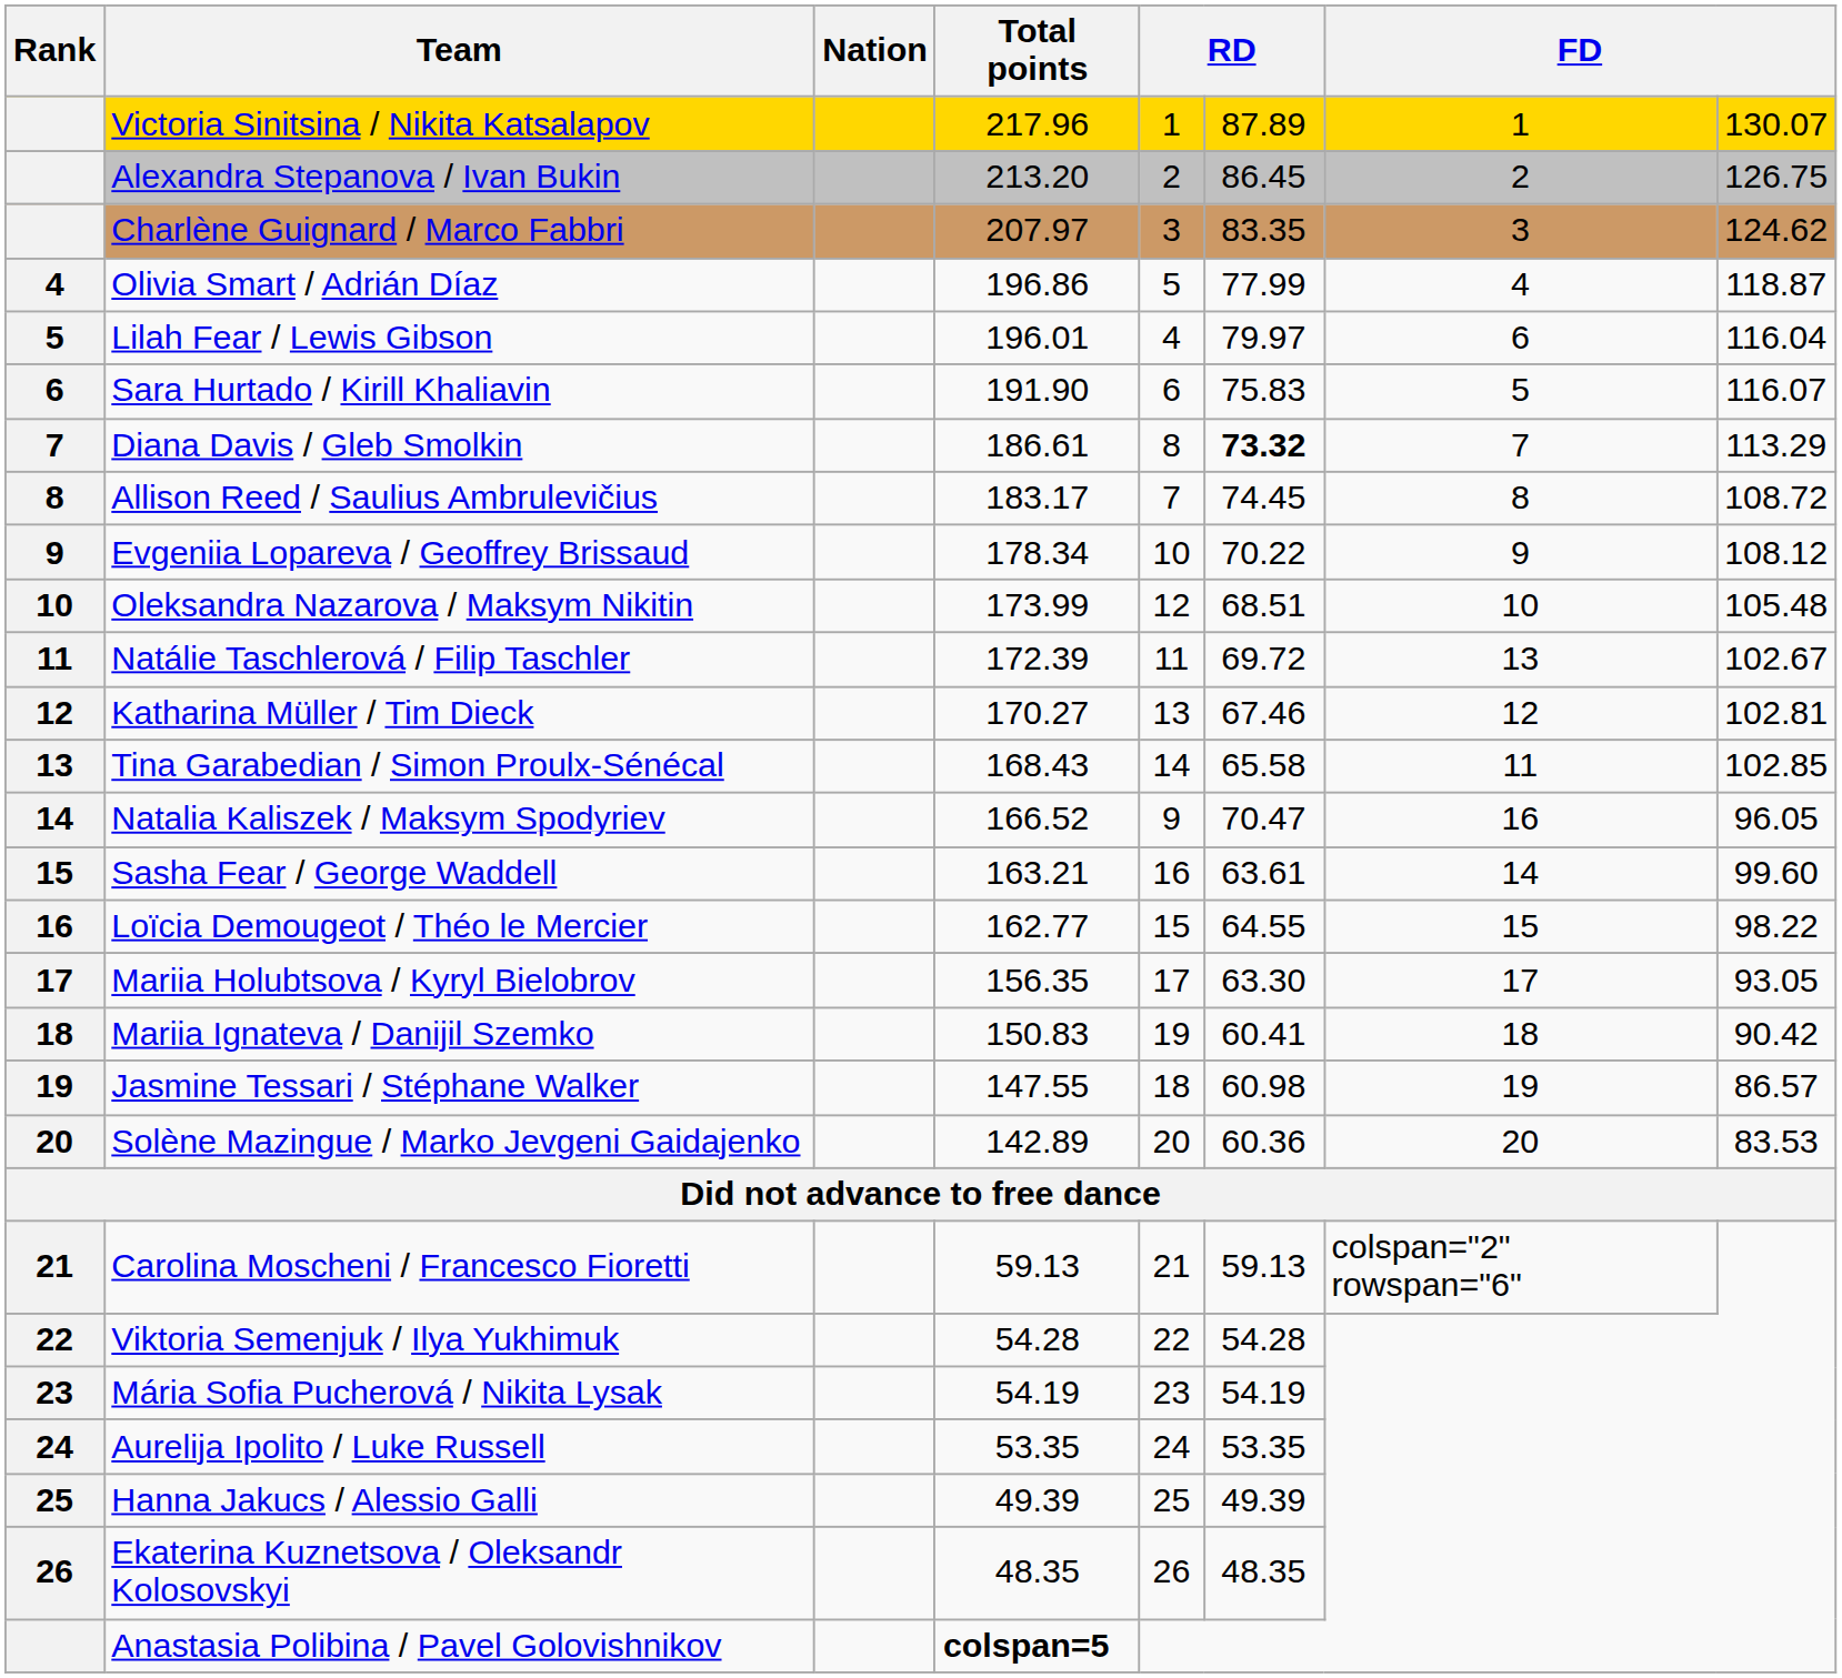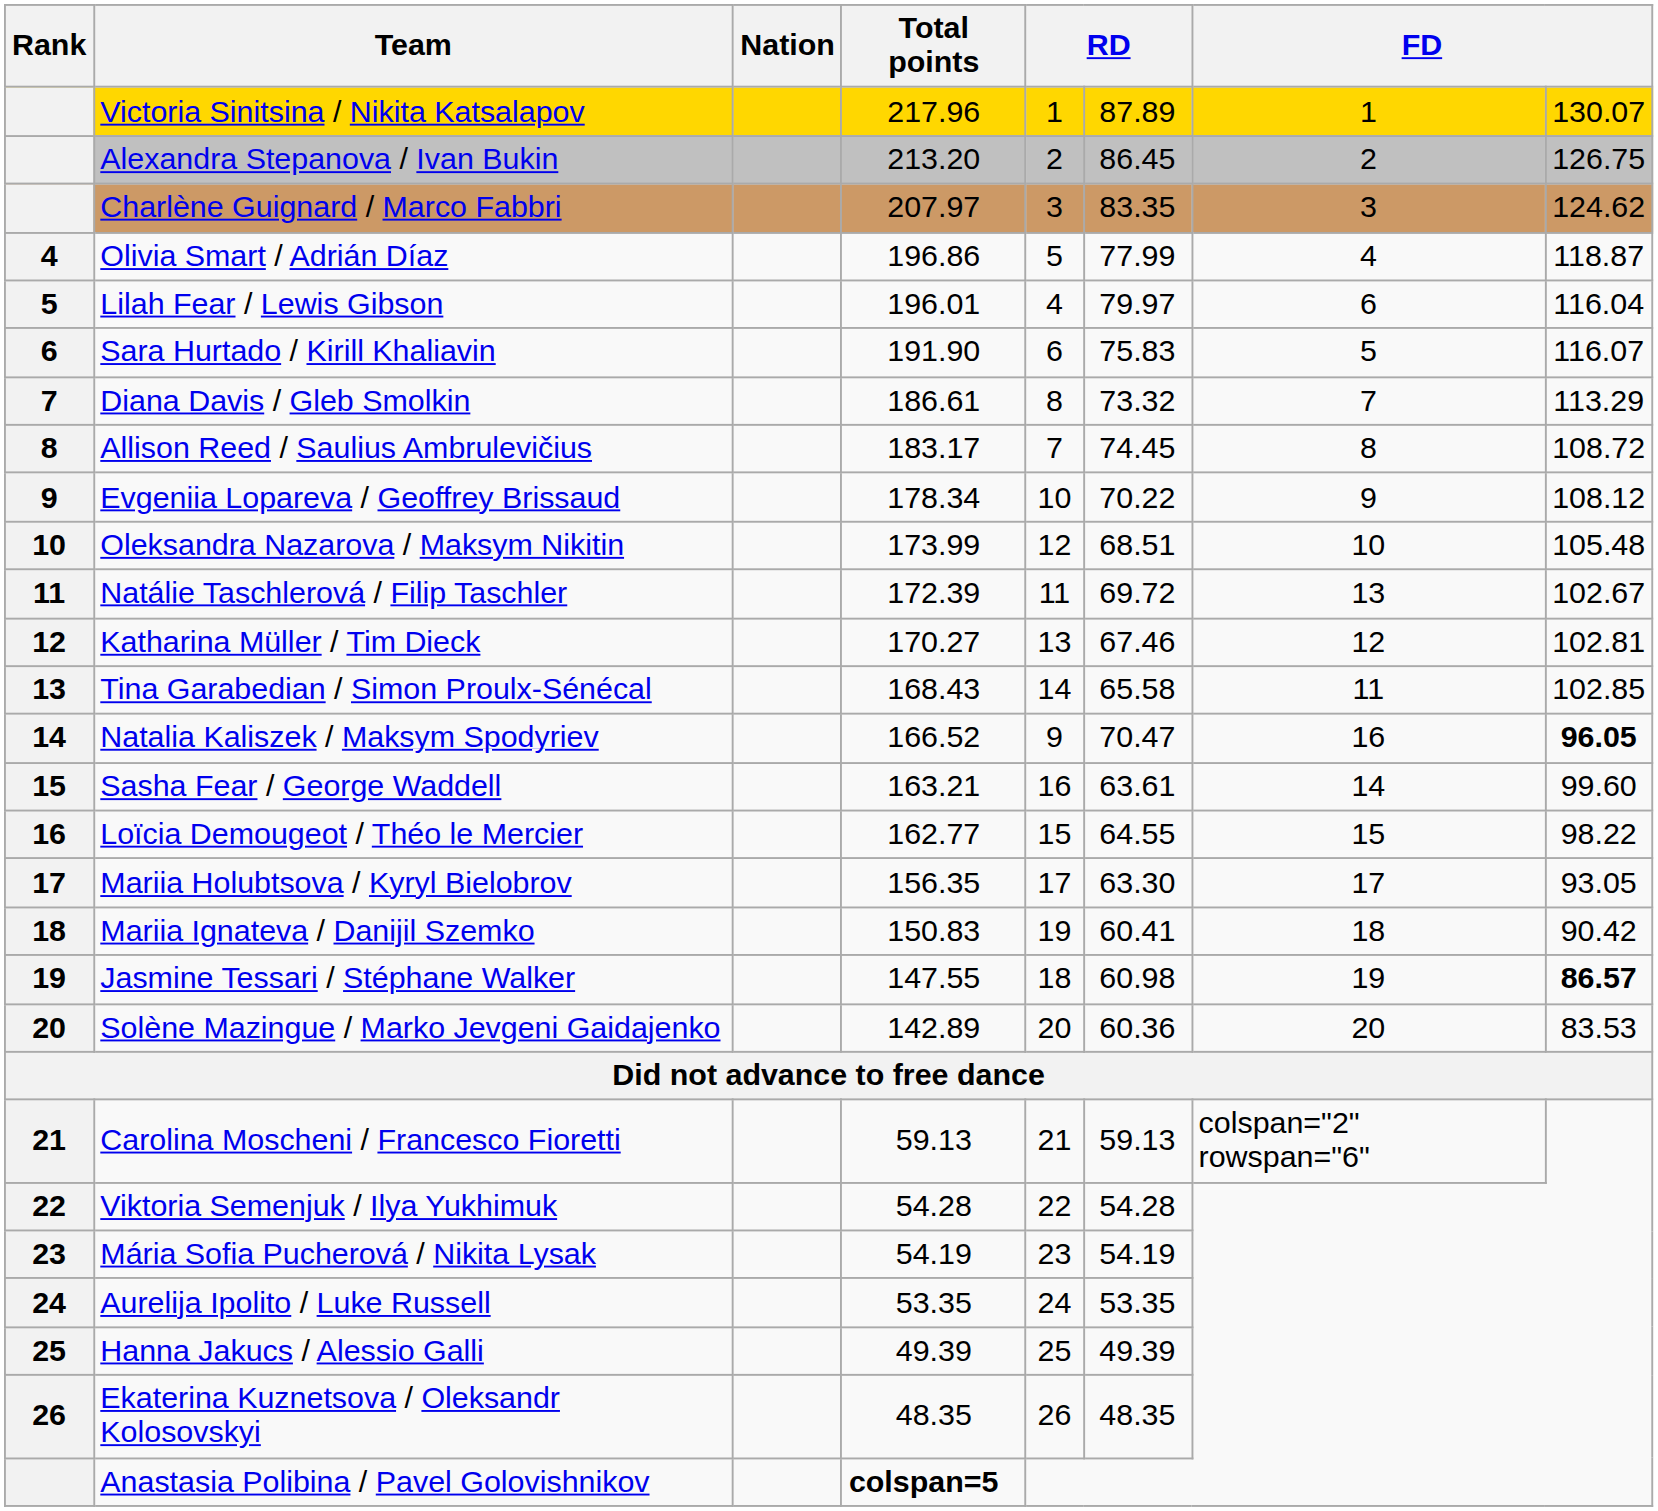 <table class="wikitable sortable" style="text-align:left">
 <tr>
 <th scope="col">Rank</th>
 <th scope="col">Team</th>
 <th scope="col">Nation</th>
 <th scope="col">Total points</th>
 <th scope="col" colspan="2" width="80px"><a href='#'>RD</a></th>
 <th scope="col" colspan="2" width="80px"><a href='#'>FD</a></th>
 </tr>
 <tr bgcolor="gold">
 <th scope="row"></th>
 <td><a href='#'>Victoria Sinitsina</a> / <a href='#'>Nikita Katsalapov</a></td>
 <td></td>
 <td align="center">217.96</td>
 <td align="center">1</td>
 <td align="center">87.89</td>
 <td align="center">1</td>
 <td align="center">130.07</td>
 </tr>
 <tr bgcolor="silver">
 <th scope="row"></th>
 <td><a href='#'>Alexandra Stepanova</a> / <a href='#'>Ivan Bukin</a></td>
 <td></td>
 <td align="center">213.20</td>
 <td align="center">2</td>
 <td align="center">86.45</td>
 <td align="center">2</td>
 <td align="center">126.75</td>
 </tr>
 <tr bgcolor="#cc9966">
 <th scope="row"></th>
 <td><a href='#'>Charlène Guignard</a> / <a href='#'>Marco Fabbri</a></td>
 <td></td>
 <td align="center">207.97</td>
 <td align="center">3</td>
 <td align="center">83.35</td>
 <td align="center">3</td>
 <td align="center">124.62</td>
 </tr>
 <tr>
 <th scope="row">4</th>
 <td><a href='#'>Olivia Smart</a> / <a href='#'>Adrián Díaz</a></td>
 <td></td>
 <td align="center">196.86</td>
 <td align="center">5</td>
 <td align="center">77.99</td>
 <td align="center">4</td>
 <td align="center">118.87</td>
 </tr>
 <tr>
 <th scope="row">5</th>
 <td><a href='#'>Lilah Fear</a> / <a href='#'>Lewis Gibson</a></td>
 <td></td>
 <td align="center">196.01</td>
 <td align="center">4</td>
 <td align="center">79.97</td>
 <td align="center">6</td>
 <td align="center">116.04</td>
 </tr>
 <tr>
 <th scope="row">6</th>
 <td><a href='#'>Sara Hurtado</a> / <a href='#'>Kirill Khaliavin</a></td>
 <td></td>
 <td align="center">191.90</td>
 <td align="center">6</td>
 <td align="center">75.83</td>
 <td align="center">5</td>
 <td align="center">116.07</td>
 </tr>
 <tr>
 <th scope="row">7</th>
 <td><a href='#'>Diana Davis</a> / <a href='#'>Gleb Smolkin</a></td>
 <td></td>
 <td align="center">186.61</td>
 <td align="center">8</td>
-<td align="center"><strong>73.32</strong></td>
+<td align="center">73.32</td>
 <td align="center">7</td>
 <td align="center">113.29</td>
 </tr>
 <tr>
 <th scope="row">8</th>
 <td><a href='#'>Allison Reed</a> / <a href='#'>Saulius Ambrulevičius</a></td>
 <td></td>
 <td align="center">183.17</td>
 <td align="center">7</td>
 <td align="center">74.45</td>
 <td align="center">8</td>
 <td align="center">108.72</td>
 </tr>
 <tr>
 <th scope="row">9</th>
 <td><a href='#'>Evgeniia Lopareva</a> / <a href='#'>Geoffrey Brissaud</a></td>
 <td></td>
 <td align="center">178.34</td>
 <td align="center">10</td>
 <td align="center">70.22</td>
 <td align="center">9</td>
 <td align="center">108.12</td>
 </tr>
 <tr>
 <th scope="row">10</th>
 <td><a href='#'>Oleksandra Nazarova</a> / <a href='#'>Maksym Nikitin</a></td>
 <td></td>
 <td align="center">173.99</td>
 <td align="center">12</td>
 <td align="center">68.51</td>
 <td align="center">10</td>
 <td align="center">105.48</td>
 </tr>
 <tr>
 <th scope="row">11</th>
 <td><a href='#'>Natálie Taschlerová</a> / <a href='#'>Filip Taschler</a></td>
 <td></td>
 <td align="center">172.39</td>
 <td align="center">11</td>
 <td align="center">69.72</td>
 <td align="center">13</td>
 <td align="center">102.67</td>
 </tr>
 <tr>
 <th scope="row">12</th>
 <td><a href='#'>Katharina Müller</a> / <a href='#'>Tim Dieck</a></td>
 <td></td>
 <td align="center">170.27</td>
 <td align="center">13</td>
 <td align="center">67.46</td>
 <td align="center">12</td>
 <td align="center">102.81</td>
 </tr>
 <tr>
 <th scope="row">13</th>
 <td><a href='#'>Tina Garabedian</a> / <a href='#'>Simon Proulx-Sénécal</a></td>
 <td></td>
 <td align="center">168.43</td>
 <td align="center">14</td>
 <td align="center">65.58</td>
 <td align="center">11</td>
 <td align="center">102.85</td>
 </tr>
 <tr>
 <th scope="row">14</th>
 <td><a href='#'>Natalia Kaliszek</a> / <a href='#'>Maksym Spodyriev</a></td>
 <td></td>
 <td align="center">166.52</td>
 <td align="center">9</td>
 <td align="center">70.47</td>
 <td align="center">16</td>
-<td align="center">96.05</td>
+<td align="center"><strong>96.05</strong></td>
 </tr>
 <tr>
 <th scope="row">15</th>
 <td><a href='#'>Sasha Fear</a> / <a href='#'>George Waddell</a></td>
 <td></td>
 <td align="center">163.21</td>
 <td align="center">16</td>
 <td align="center">63.61</td>
 <td align="center">14</td>
 <td align="center">99.60</td>
 </tr>
 <tr>
 <th scope="row">16</th>
 <td><a href='#'>Loïcia Demougeot</a> / <a href='#'>Théo le Mercier</a></td>
 <td></td>
 <td align="center">162.77</td>
 <td align="center">15</td>
 <td align="center">64.55</td>
 <td align="center">15</td>
 <td align="center">98.22</td>
 </tr>
 <tr>
 <th scope="row">17</th>
 <td><a href='#'>Mariia Holubtsova</a> / <a href='#'>Kyryl Bielobrov</a></td>
 <td></td>
 <td align="center">156.35</td>
 <td align="center">17</td>
 <td align="center">63.30</td>
 <td align="center">17</td>
 <td align="center">93.05</td>
 </tr>
 <tr>
 <th scope="row">18</th>
 <td><a href='#'>Mariia Ignateva</a> / <a href='#'>Danijil Szemko</a></td>
 <td></td>
 <td align="center">150.83</td>
 <td align="center">19</td>
 <td align="center">60.41</td>
 <td align="center">18</td>
 <td align="center">90.42</td>
 </tr>
 <tr>
 <th scope="row">19</th>
 <td><a href='#'>Jasmine Tessari</a> / <a href='#'>Stéphane Walker</a></td>
 <td></td>
 <td align="center">147.55</td>
 <td align="center">18</td>
 <td align="center">60.98</td>
 <td align="center">19</td>
-<td align="center">86.57</td>
+<td align="center"><strong>86.57</strong></td>
 </tr>
 <tr>
 <th scope="row">20</th>
 <td><a href='#'>Solène Mazingue</a> / <a href='#'>Marko Jevgeni Gaidajenko</a></td>
 <td></td>
 <td align="center">142.89</td>
 <td align="center">20</td>
 <td align="center">60.36</td>
 <td align="center">20</td>
 <td align="center">83.53</td>
 </tr>
 <tr>
 <th colspan=8>Did not advance to free dance</th>
 </tr>
 <tr>
 <th scope="row">21</th>
 <td><a href='#'>Carolina Moscheni</a> / <a href='#'>Francesco Fioretti</a></td>
 <td></td>
 <td align="center">59.13</td>
 <td align="center">21</td>
 <td align="center">59.13</td>
 <td>colspan="2" rowspan="6" </td>
 </tr>
 <tr>
 <th scope="row">22</th>
 <td><a href='#'>Viktoria Semenjuk</a> / <a href='#'>Ilya Yukhimuk</a></td>
 <td></td>
 <td align="center">54.28</td>
 <td align="center">22</td>
 <td align="center">54.28</td>
 </tr>
 <tr>
 <th scope="row">23</th>
 <td><a href='#'>Mária Sofia Pucherová</a> / <a href='#'>Nikita Lysak</a></td>
 <td></td>
 <td align="center">54.19</td>
 <td align="center">23</td>
 <td align="center">54.19</td>
 </tr>
 <tr>
 <th scope="row">24</th>
 <td><a href='#'>Aurelija Ipolito</a> / <a href='#'>Luke Russell</a></td>
 <td></td>
 <td align="center">53.35</td>
 <td align="center">24</td>
 <td align="center">53.35</td>
 </tr>
 <tr>
 <th scope="row">25</th>
 <td><a href='#'>Hanna Jakucs</a> / <a href='#'>Alessio Galli</a></td>
 <td></td>
 <td align="center">49.39</td>
 <td align="center">25</td>
 <td align="center">49.39</td>
 </tr>
 <tr>
 <th scope="row">26</th>
 <td><a href='#'>Ekaterina Kuznetsova</a> / <a href='#'>Oleksandr Kolosovskyi</a></td>
 <td></td>
 <td align="center">48.35</td>
 <td align="center">26</td>
 <td align="center">48.35</td>
 </tr>
 <tr>
 <th scope="row"></th>
 <td><a href='#'>Anastasia Polibina</a> / <a href='#'>Pavel Golovishnikov</a></td>
 <td></td>
 <td><strong>colspan=5 </strong></td>
 </tr>
 </table>
